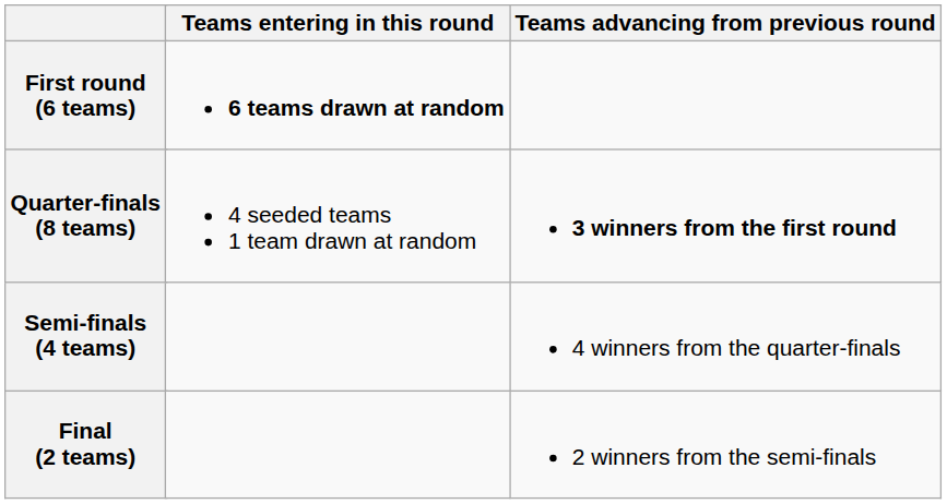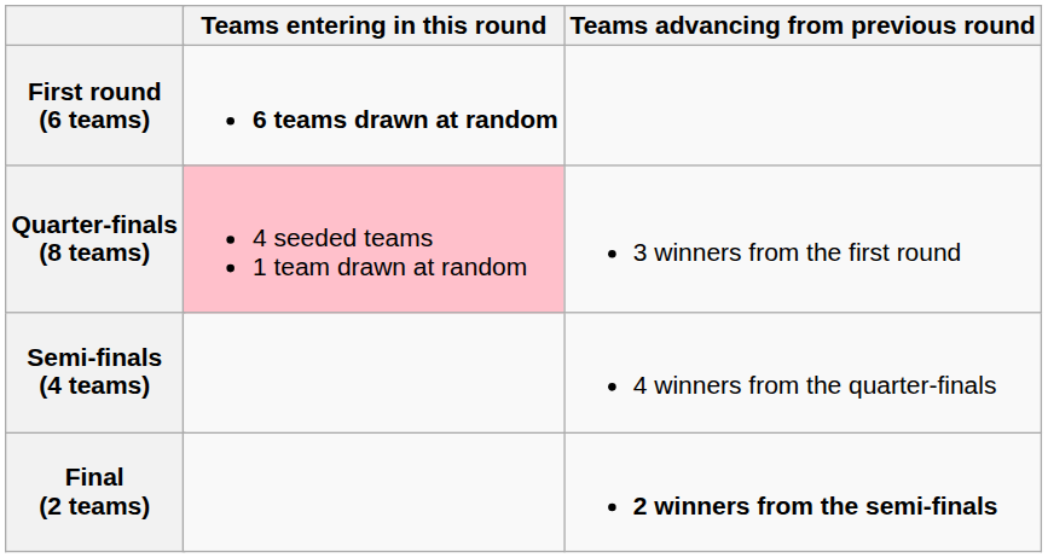 <table class="wikitable">
 <tr>
 <th colspan=2></th>
 <th>Teams entering in this round</th>
 <th>Teams advancing from previous round</th>
 </tr>
 <tr>
 <th colspan=2>First round<br>(6 teams)</th>
 <td><strong><br><ul><li>6 teams drawn at random</li></ul></strong></td>
 <td></td>
 </tr>
 <tr>
 <th colspan=2>Quarter-finals<br>(8 teams)</th>
-<td><br><ul><li>4 seeded teams</li><li>1 team drawn at random</li></ul></td>
-<td><strong><br><ul><li>3 winners from the first round</li></ul></strong></td>
+<td style="background: pink;"><br><ul><li>4 seeded teams</li><li>1 team drawn at random</li></ul></td>
+<td><br><ul><li>3 winners from the first round</li></ul></td>
 </tr>
 <tr>
 <th colspan=2>Semi-finals<br>(4 teams)</th>
 <td></td>
 <td><br><ul><li>4 winners from the quarter-finals</li></ul></td>
 </tr>
 <tr>
 <th colspan=2>Final<br>(2 teams)</th>
 <td></td>
-<td><br><ul><li>2 winners from the semi-finals</li></ul></td>
+<td><strong><br><ul><li>2 winners from the semi-finals</li></ul></strong></td>
 </tr>
 </table>
